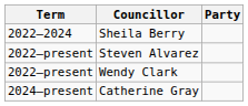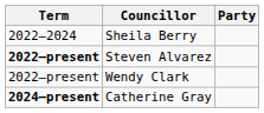 <table class="wikitable">
 <tr>
 <th>Term</th>
 <th>Councillor</th>
 <th colspan=2>Party</th>
 </tr>
 <tr>
 <td>2022–2024</td>
 <td>Sheila Berry</td>
 <td></td>
 </tr>
 <tr>
-<td>2022–present</td>
+<td><strong>2022–present</strong></td>
 <td>Steven Alvarez</td>
 <td></td>
 </tr>
 <tr>
 <td>2022–present</td>
 <td>Wendy Clark</td>
 <td></td>
 </tr>
 <tr>
-<td>2024–present</td>
+<td><strong>2024–present</strong></td>
 <td>Catherine Gray</td>
 <td></td>
 </tr>
 </table>
